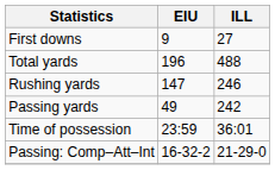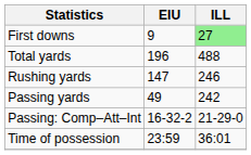 <table class="wikitable" style="float: left;">
 <tr>
 <th>Statistics</th>
 <th>EIU</th>
 <th>ILL</th>
 </tr>
 <tr>
 <td>First downs</td>
 <td>9</td>
-<td>27</td>
+<td style="background: lightgreen;">27</td>
 </tr>
 <tr>
 <td>Total yards</td>
 <td>196</td>
 <td>488</td>
 </tr>
 <tr>
 <td>Rushing yards</td>
 <td>147</td>
 <td>246</td>
 </tr>
 <tr>
 <td>Passing yards</td>
 <td>49</td>
 <td>242</td>
 </tr>
 <tr>
+<td>Passing: Comp–Att–Int</td>
+<td>16-32-2</td>
+<td>21-29-0</td>
+</tr>
+<tr>
 <td>Time of possession</td>
 <td>23:59</td>
 <td>36:01</td>
 </tr>
 <tr>
-<td>Passing: Comp–Att–Int</td>
-<td>16-32-2</td>
-<td>21-29-0</td>
-</tr>
-<tr>
 </tr>
 </table>
